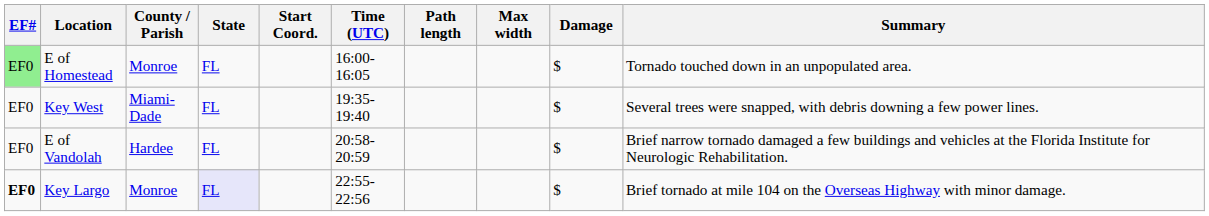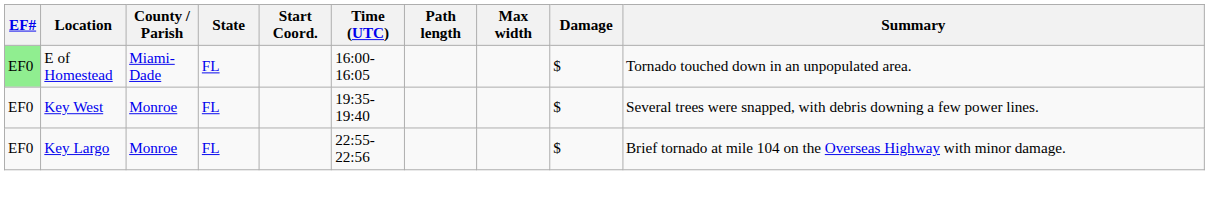 <table class="wikitable sortable" style="width:100%;">
 <tr>
 <th scope="col"  style="width:3%; text-align:center;"><a href='#'>EF#</a></th>
 <th scope="col"  style="width:7%; text-align:center;" class="unsortable">Location</th>
 <th scope="col"  style="width:6%; text-align:center;" class="unsortable">County / Parish</th>
 <th scope="col"  style="width:5%; text-align:center;">State</th>
 <th scope="col"  style="width:6%; text-align:center;">Start Coord.</th>
 <th scope="col"  style="width:6%; text-align:center;">Time (<a href='#'>UTC</a>)</th>
 <th scope="col"  style="width:6%; text-align:center;">Path length</th>
 <th scope="col"  style="width:6%; text-align:center;">Max width</th>
 <th scope="col"  style="width:6%; text-align:center;">Damage</th>
 <th scope="col" class="unsortable" style="width:48%; text-align:center;">Summary</th>
 </tr>
 <tr>
 <td style="background: lightgreen;">EF0</td>
 <td>E of <a href='#'>Homestead</a></td>
-<td><a href='#'>Monroe</a></td>
+<td><a href='#'>Miami-Dade</a></td>
 <td><a href='#'>FL</a></td>
 <td></td>
 <td>16:00-16:05</td>
 <td></td>
 <td></td>
 <td>$</td>
 <td>Tornado touched down in an unpopulated area.</td>
 </tr>
 <tr>
 <td>EF0</td>
 <td><a href='#'>Key West</a></td>
-<td><a href='#'>Miami-Dade</a></td>
+<td><a href='#'>Monroe</a></td>
 <td><a href='#'>FL</a></td>
 <td></td>
 <td>19:35-19:40</td>
 <td></td>
 <td></td>
 <td>$</td>
 <td>Several trees were snapped, with debris downing a few power lines.</td>
 </tr>
 <tr>
 <td>EF0</td>
-<td>E of <a href='#'>Vandolah</a></td>
-<td><a href='#'>Hardee</a></td>
-<td><a href='#'>FL</a></td>
-<td></td>
-<td>20:58-20:59</td>
-<td></td>
-<td></td>
-<td>$</td>
-<td>Brief narrow tornado damaged a few buildings and vehicles at the Florida Institute for Neurologic Rehabilitation.</td>
-</tr>
-<tr>
-<td><strong>EF0</strong></td>
 <td><a href='#'>Key Largo</a></td>
 <td><a href='#'>Monroe</a></td>
-<td style="background: lavender;"><a href='#'>FL</a></td>
+<td><a href='#'>FL</a></td>
 <td></td>
 <td>22:55-22:56</td>
 <td></td>
 <td></td>
 <td>$</td>
 <td>Brief tornado at mile 104 on the <a href='#'>Overseas Highway</a> with minor damage.</td>
 </tr>
 </table>
